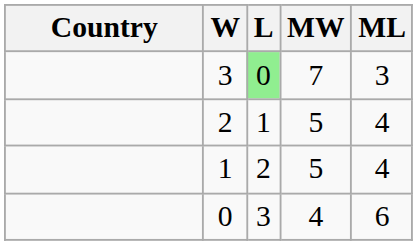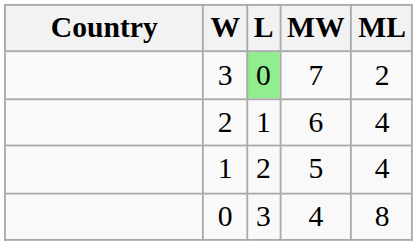 <table class="wikitable sortable" style="text-align:center">
 <tr>
 <th width=100>Country</th>
 <th>W</th>
 <th>L</th>
 <th>MW</th>
 <th>ML</th>
 </tr>
 <tr>
 <td align=left><strong></strong></td>
 <td>3</td>
 <td style="background: lightgreen;">0</td>
 <td>7</td>
-<td>3</td>
+<td>2</td>
 </tr>
 <tr>
 <td align=left></td>
 <td>2</td>
 <td>1</td>
-<td>5</td>
+<td>6</td>
 <td>4</td>
 </tr>
 <tr>
 <td align=left></td>
 <td>1</td>
 <td>2</td>
 <td>5</td>
 <td>4</td>
 </tr>
 <tr>
 <td align=left></td>
 <td>0</td>
 <td>3</td>
 <td>4</td>
-<td>6</td>
+<td>8</td>
 </tr>
 </table>
